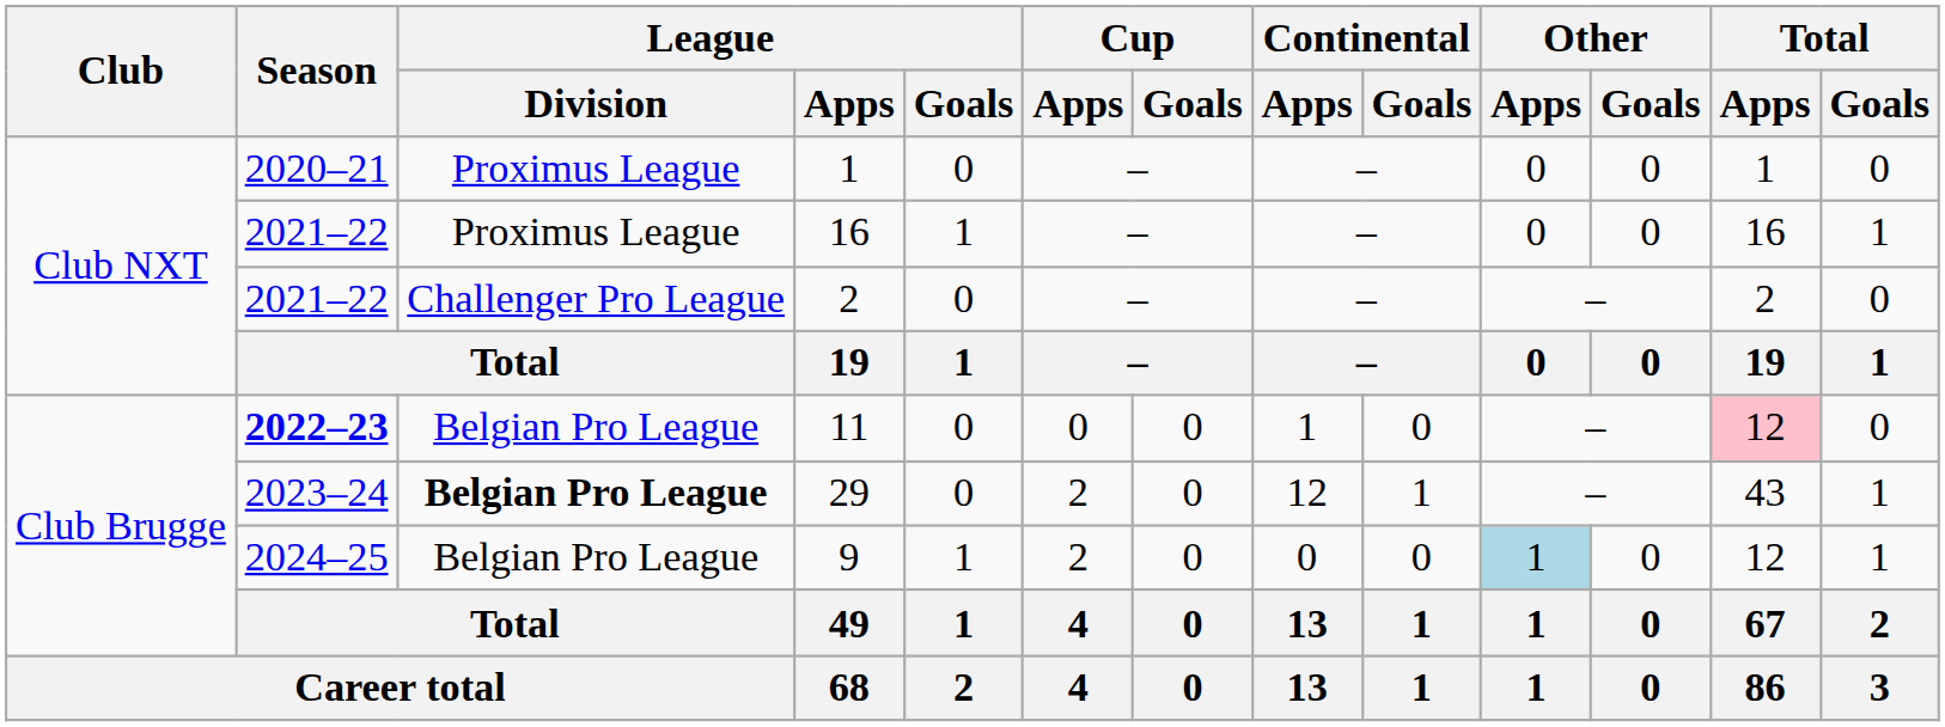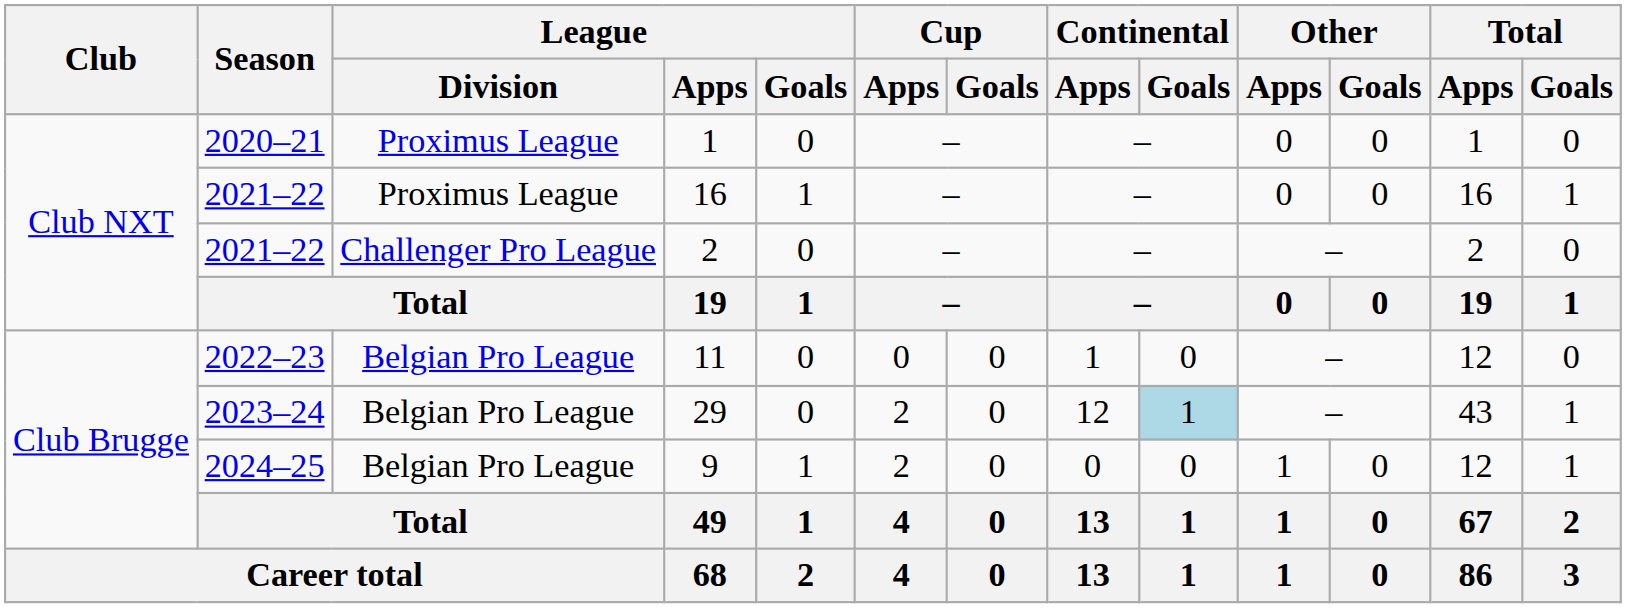 <table class="wikitable" style="text-align:center">
 <tr>
 <th rowspan="2">Club</th>
 <th rowspan="2">Season</th>
 <th colspan="3">League</th>
 <th colspan="2">Cup</th>
 <th colspan="2">Continental</th>
 <th colspan="2">Other</th>
 <th colspan="2">Total</th>
 </tr>
 <tr>
 <th>Division</th>
 <th>Apps</th>
 <th>Goals</th>
 <th>Apps</th>
 <th>Goals</th>
 <th>Apps</th>
 <th>Goals</th>
 <th>Apps</th>
 <th>Goals</th>
 <th>Apps</th>
 <th>Goals</th>
 </tr>
 <tr>
 <td rowspan="4"><a href='#'>Club NXT</a></td>
 <td><a href='#'>2020–21</a></td>
 <td><a href='#'>Proximus League</a></td>
 <td>1</td>
 <td>0</td>
 <td colspan="2">–</td>
 <td colspan="2">–</td>
 <td>0</td>
 <td>0</td>
 <td>1</td>
 <td>0</td>
 </tr>
 <tr>
 <td><a href='#'>2021–22</a></td>
 <td>Proximus League</td>
 <td>16</td>
 <td>1</td>
 <td colspan="2">–</td>
 <td colspan="2">–</td>
 <td>0</td>
 <td>0</td>
 <td>16</td>
 <td>1</td>
 </tr>
 <tr>
 <td><a href='#'>2021–22</a></td>
 <td><a href='#'>Challenger Pro League</a></td>
 <td>2</td>
 <td>0</td>
 <td colspan="2">–</td>
 <td colspan="2">–</td>
 <td colspan="2">–</td>
 <td>2</td>
 <td>0</td>
 </tr>
 <tr>
 <th colspan="2">Total</th>
 <th>19</th>
 <th>1</th>
 <th colspan="2">–</th>
 <th colspan="2">–</th>
 <th>0</th>
 <th>0</th>
 <th>19</th>
 <th>1</th>
 </tr>
 <tr>
 <td rowspan="4"><a href='#'>Club Brugge</a></td>
-<td><strong><a href='#'>2022–23</a></strong></td>
+<td><a href='#'>2022–23</a></td>
 <td><a href='#'>Belgian Pro League</a></td>
 <td>11</td>
 <td>0</td>
 <td>0</td>
 <td>0</td>
 <td>1</td>
 <td>0</td>
 <td colspan="2">–</td>
-<td style="background: pink;">12</td>
+<td>12</td>
 <td>0</td>
 </tr>
 <tr>
 <td><a href='#'>2023–24</a></td>
-<td><strong>Belgian Pro League</strong></td>
+<td>Belgian Pro League</td>
 <td>29</td>
 <td>0</td>
 <td>2</td>
 <td>0</td>
 <td>12</td>
-<td>1</td>
+<td style="background: lightblue;">1</td>
 <td colspan="2">–</td>
 <td>43</td>
 <td>1</td>
 </tr>
 <tr>
 <td><a href='#'>2024–25</a></td>
 <td>Belgian Pro League</td>
 <td>9</td>
 <td>1</td>
 <td>2</td>
 <td>0</td>
 <td>0</td>
 <td>0</td>
-<td style="background: lightblue;">1</td>
+<td>1</td>
 <td>0</td>
 <td>12</td>
 <td>1</td>
 </tr>
 <tr>
 <th colspan="2">Total</th>
 <th>49</th>
 <th>1</th>
 <th>4</th>
 <th>0</th>
 <th>13</th>
 <th>1</th>
 <th>1</th>
 <th>0</th>
 <th>67</th>
 <th>2</th>
 </tr>
 <tr>
 <th colspan="3">Career total</th>
 <th>68</th>
 <th>2</th>
 <th>4</th>
 <th>0</th>
 <th>13</th>
 <th>1</th>
 <th>1</th>
 <th>0</th>
 <th>86</th>
 <th>3</th>
 </tr>
 </table>
